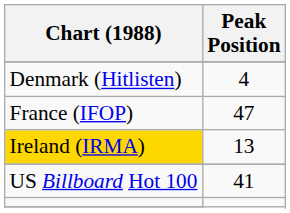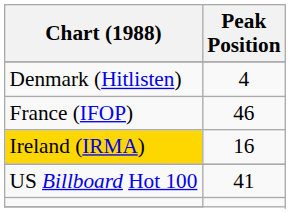 <table class="wikitable sortable">
 <tr>
 <th>Chart (1988)</th>
 <th>Peak<br>Position</th>
 </tr>
 <tr>
 </tr>
 <tr>
 </tr>
 <tr>
 <td>Denmark (<a href='#'>Hitlisten</a>)</td>
 <td align="center">4</td>
 </tr>
 <tr>
 <td>France (<a href='#'>IFOP</a>)</td>
-<td align="center">47</td>
+<td align="center">46</td>
 </tr>
 <tr>
 <td style="background: gold;">Ireland (<a href='#'>IRMA</a>)</td>
-<td style="text-align:center;">13</td>
+<td style="text-align:center;">16</td>
 </tr>
 <tr>
 </tr>
 <tr>
 </tr>
 <tr>
 </tr>
 <tr>
 </tr>
 <tr>
 <td>US <em><a href='#'>Billboard</a></em> <a href='#'>Hot 100</a></td>
 <td style="text-align:center;">41</td>
 </tr>
 <tr>
 <td></td>
 </tr>
 <tr>
 </tr>
 </table>
